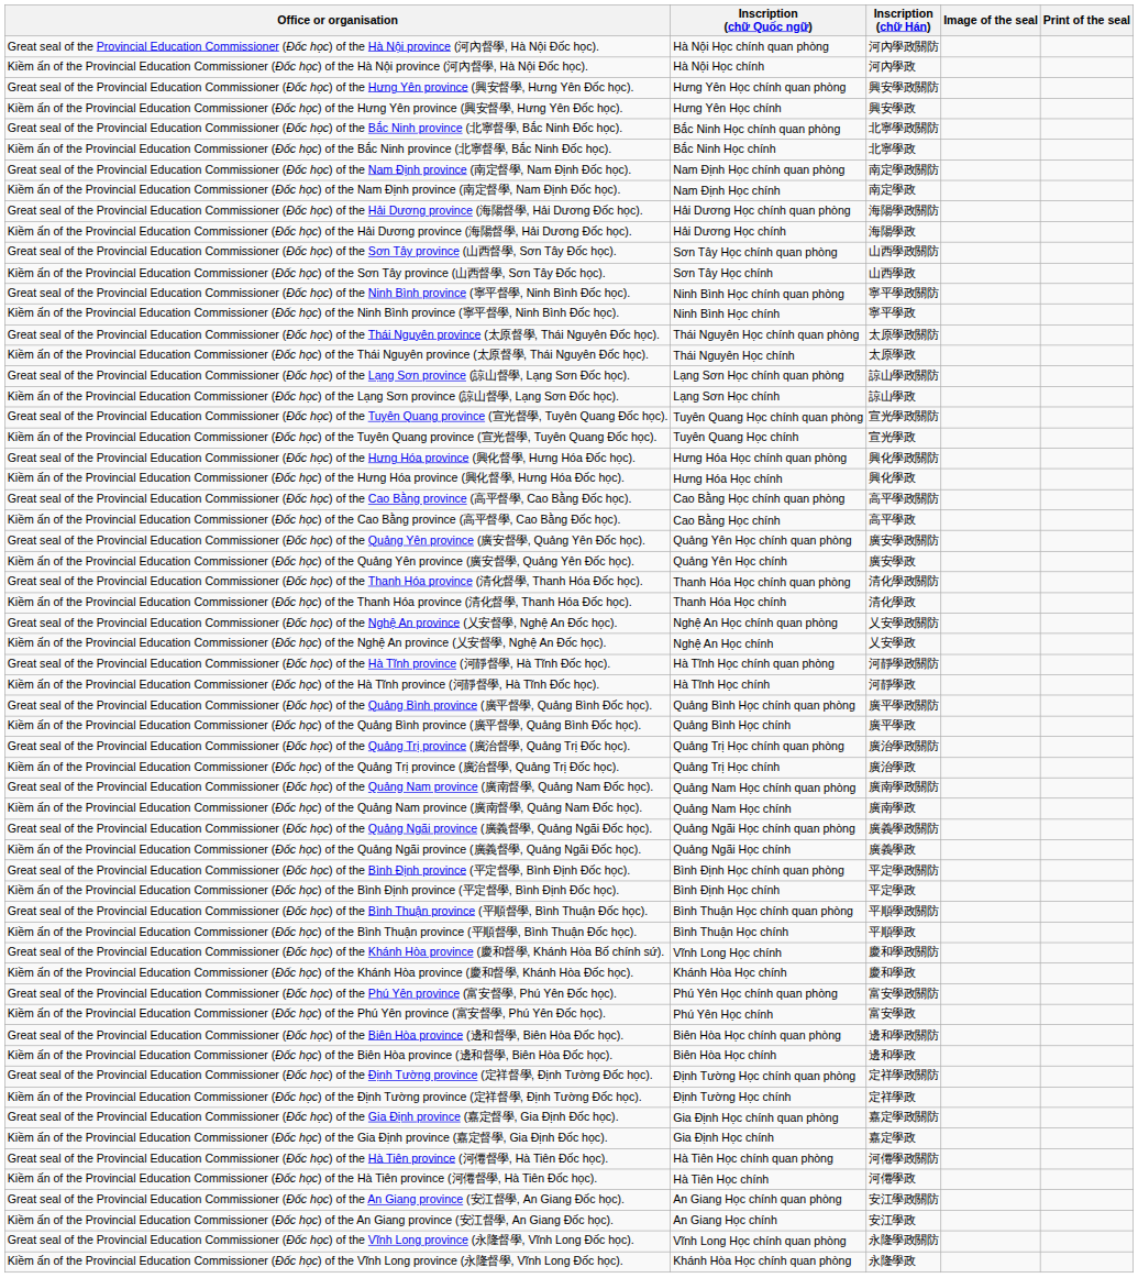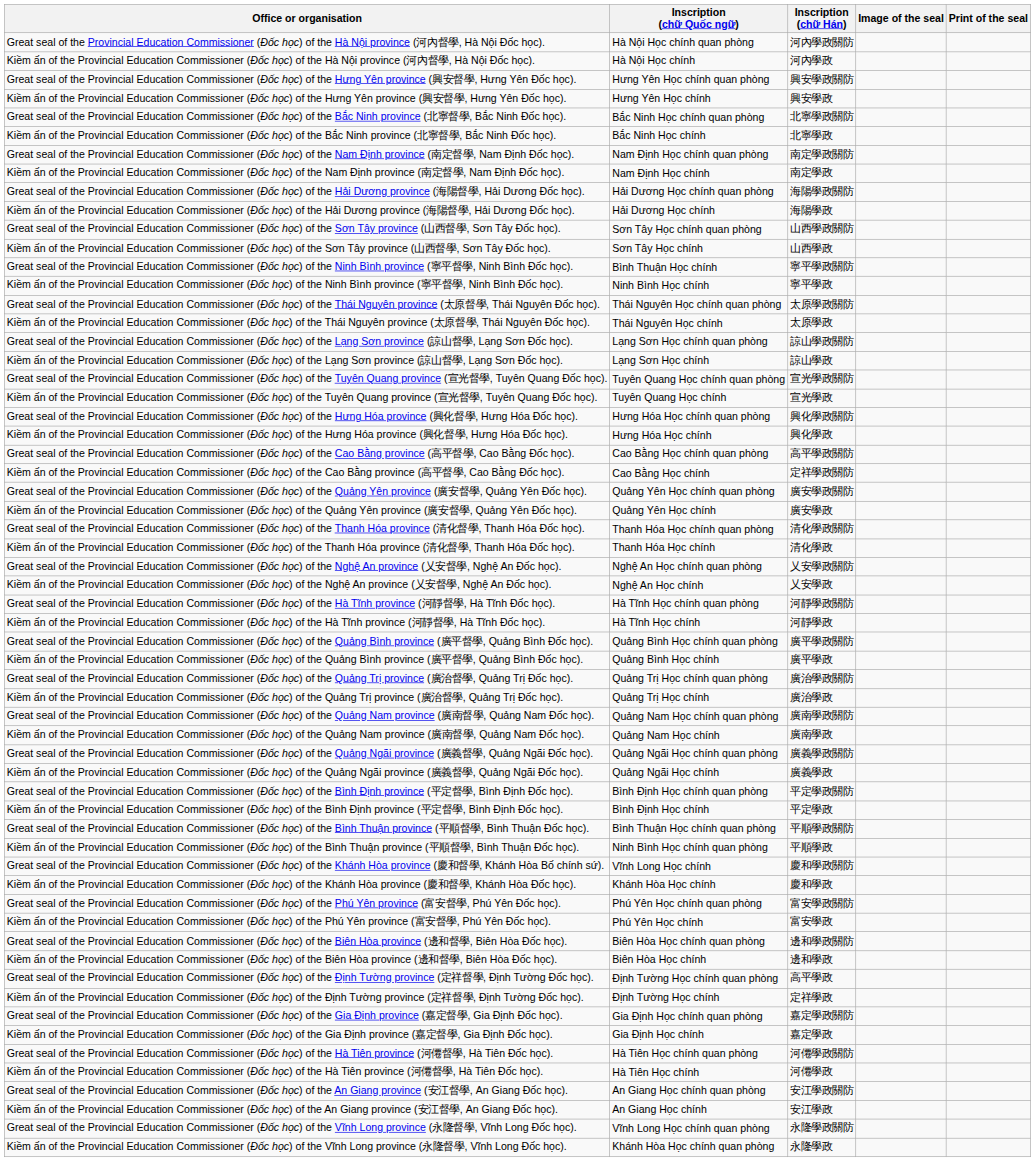 <table class="wikitable">
 <tr>
 <th>Office or organisation</th>
 <th>Inscription<br>(<a href='#'>chữ Quốc ngữ</a>)</th>
 <th>Inscription<br>(<a href='#'>chữ Hán</a>)</th>
 <th>Image of the seal</th>
 <th>Print of the seal</th>
 </tr>
 <tr>
 <td>Great seal of the <a href='#'>Provincial Education Commissioner</a> (<em>Đốc học</em>) of the <a href='#'>Hà Nội province</a> (河內督學, Hà Nội Đốc học).</td>
 <td>Hà Nội Học chính quan phòng</td>
 <td>河內學政關防</td>
 <td></td>
 <td></td>
 </tr>
 <tr>
 <td>Kiềm ấn of the Provincial Education Commissioner (<em>Đốc học</em>) of the Hà Nội province (河內督學, Hà Nội Đốc học).</td>
 <td>Hà Nội Học chính</td>
 <td>河內學政</td>
 <td></td>
 <td></td>
 </tr>
 <tr>
 <td>Great seal of the Provincial Education Commissioner (<em>Đốc học</em>) of the <a href='#'>Hưng Yên province</a> (興安督學, Hưng Yên Đốc học).</td>
 <td>Hưng Yên Học chính quan phòng</td>
 <td>興安學政關防</td>
 <td></td>
 <td></td>
 </tr>
 <tr>
 <td>Kiềm ấn of the Provincial Education Commissioner (<em>Đốc học</em>) of the Hưng Yên province (興安督學, Hưng Yên Đốc học).</td>
 <td>Hưng Yên Học chính</td>
 <td>興安學政</td>
 <td></td>
 <td></td>
 </tr>
 <tr>
 <td>Great seal of the Provincial Education Commissioner (<em>Đốc học</em>) of the <a href='#'>Bắc Ninh province</a> (北寧督學, Bắc Ninh Đốc học).</td>
 <td>Bắc Ninh Học chính quan phòng</td>
 <td>北寧學政關防</td>
 <td></td>
 <td></td>
 </tr>
 <tr>
 <td>Kiềm ấn of the Provincial Education Commissioner (<em>Đốc học</em>) of the Bắc Ninh province (北寧督學, Bắc Ninh Đốc học).</td>
 <td>Bắc Ninh Học chính</td>
 <td>北寧學政</td>
 <td></td>
 <td></td>
 </tr>
 <tr>
 <td>Great seal of the Provincial Education Commissioner (<em>Đốc học</em>) of the <a href='#'>Nam Định province</a> (南定督學, Nam Định Đốc học).</td>
 <td>Nam Định Học chính quan phòng</td>
 <td>南定學政關防</td>
 <td></td>
 <td></td>
 </tr>
 <tr>
 <td>Kiềm ấn of the Provincial Education Commissioner (<em>Đốc học</em>) of the Nam Định province (南定督學, Nam Định Đốc học).</td>
 <td>Nam Định Học chính</td>
 <td>南定學政</td>
 <td></td>
 <td></td>
 </tr>
 <tr>
 <td>Great seal of the Provincial Education Commissioner (<em>Đốc học</em>) of the <a href='#'>Hải Dương province</a> (海陽督學, Hải Dương Đốc học).</td>
 <td>Hải Dương Học chính quan phòng</td>
 <td>海陽學政關防</td>
 <td></td>
 <td></td>
 </tr>
 <tr>
 <td>Kiềm ấn of the Provincial Education Commissioner (<em>Đốc học</em>) of the Hải Dương province (海陽督學, Hải Dương Đốc học).</td>
 <td>Hải Dương Học chính</td>
 <td>海陽學政</td>
 <td></td>
 <td></td>
 </tr>
 <tr>
 <td>Great seal of the Provincial Education Commissioner (<em>Đốc học</em>) of the <a href='#'>Sơn Tây province</a> (山西督學, Sơn Tây Đốc học).</td>
 <td>Sơn Tây Học chính quan phòng</td>
 <td>山西學政關防</td>
 <td></td>
 <td></td>
 </tr>
 <tr>
 <td>Kiềm ấn of the Provincial Education Commissioner (<em>Đốc học</em>) of the Sơn Tây province (山西督學, Sơn Tây Đốc học).</td>
 <td>Sơn Tây Học chính</td>
 <td>山西學政</td>
 <td></td>
 <td></td>
 </tr>
 <tr>
 <td>Great seal of the Provincial Education Commissioner (<em>Đốc học</em>) of the <a href='#'>Ninh Bình province</a> (寧平督學, Ninh Bình Đốc học).</td>
-<td>Ninh Bình Học chính quan phòng</td>
+<td>Bình Thuận Học chính</td>
 <td>寧平學政關防</td>
 <td></td>
 <td></td>
 </tr>
 <tr>
 <td>Kiềm ấn of the Provincial Education Commissioner (<em>Đốc học</em>) of the Ninh Bình province (寧平督學, Ninh Bình Đốc học).</td>
 <td>Ninh Bình Học chính</td>
 <td>寧平學政</td>
 <td></td>
 <td></td>
 </tr>
 <tr>
 <td>Great seal of the Provincial Education Commissioner (<em>Đốc học</em>) of the <a href='#'>Thái Nguyên province</a> (太原督學, Thái Nguyên Đốc học).</td>
 <td>Thái Nguyên Học chính quan phòng</td>
 <td>太原學政關防</td>
 <td></td>
 <td></td>
 </tr>
 <tr>
 <td>Kiềm ấn of the Provincial Education Commissioner (<em>Đốc học</em>) of the Thái Nguyên province (太原督學, Thái Nguyên Đốc học).</td>
 <td>Thái Nguyên Học chính</td>
 <td>太原學政</td>
 <td></td>
 <td></td>
 </tr>
 <tr>
 <td>Great seal of the Provincial Education Commissioner (<em>Đốc học</em>) of the <a href='#'>Lạng Sơn province</a> (諒山督學, Lạng Sơn Đốc học).</td>
 <td>Lạng Sơn Học chính quan phòng</td>
 <td>諒山學政關防</td>
 <td></td>
 <td></td>
 </tr>
 <tr>
 <td>Kiềm ấn of the Provincial Education Commissioner (<em>Đốc học</em>) of the Lạng Sơn province (諒山督學, Lạng Sơn Đốc học).</td>
 <td>Lạng Sơn Học chính</td>
 <td>諒山學政</td>
 <td></td>
 <td></td>
 </tr>
 <tr>
 <td>Great seal of the Provincial Education Commissioner (<em>Đốc học</em>) of the <a href='#'>Tuyên Quang province</a> (宣光督學, Tuyên Quang Đốc học).</td>
 <td>Tuyên Quang Học chính quan phòng</td>
 <td>宣光學政關防</td>
 <td></td>
 <td></td>
 </tr>
 <tr>
 <td>Kiềm ấn of the Provincial Education Commissioner (<em>Đốc học</em>) of the Tuyên Quang province (宣光督學, Tuyên Quang Đốc học).</td>
 <td>Tuyên Quang Học chính</td>
 <td>宣光學政</td>
 <td></td>
 <td></td>
 </tr>
 <tr>
 <td>Great seal of the Provincial Education Commissioner (<em>Đốc học</em>) of the <a href='#'>Hưng Hóa province</a> (興化督學, Hưng Hóa Đốc học).</td>
 <td>Hưng Hóa Học chính quan phòng</td>
 <td>興化學政關防</td>
 <td></td>
 <td></td>
 </tr>
 <tr>
 <td>Kiềm ấn of the Provincial Education Commissioner (<em>Đốc học</em>) of the Hưng Hóa province (興化督學, Hưng Hóa Đốc học).</td>
 <td>Hưng Hóa Học chính</td>
 <td>興化學政</td>
 <td></td>
 <td></td>
 </tr>
 <tr>
 <td>Great seal of the Provincial Education Commissioner (<em>Đốc học</em>) of the <a href='#'>Cao Bằng province</a> (高平督學, Cao Bằng Đốc học).</td>
 <td>Cao Bằng Học chính quan phòng</td>
 <td>高平學政關防</td>
 <td></td>
 <td></td>
 </tr>
 <tr>
 <td>Kiềm ấn of the Provincial Education Commissioner (<em>Đốc học</em>) of the Cao Bằng province (高平督學, Cao Bằng Đốc học).</td>
 <td>Cao Bằng Học chính</td>
-<td>高平學政</td>
+<td>定祥學政關防</td>
 <td></td>
 <td></td>
 </tr>
 <tr>
 <td>Great seal of the Provincial Education Commissioner (<em>Đốc học</em>) of the <a href='#'>Quảng Yên province</a> (廣安督學, Quảng Yên Đốc học).</td>
 <td>Quảng Yên Học chính quan phòng</td>
 <td>廣安學政關防</td>
 <td></td>
 <td></td>
 </tr>
 <tr>
 <td>Kiềm ấn of the Provincial Education Commissioner (<em>Đốc học</em>) of the Quảng Yên province (廣安督學, Quảng Yên Đốc học).</td>
 <td>Quảng Yên Học chính</td>
 <td>廣安學政</td>
 <td></td>
 <td></td>
 </tr>
 <tr>
 <td>Great seal of the Provincial Education Commissioner (<em>Đốc học</em>) of the <a href='#'>Thanh Hóa province</a> (清化督學, Thanh Hóa Đốc học).</td>
 <td>Thanh Hóa Học chính quan phòng</td>
 <td>清化學政關防</td>
 <td></td>
 <td></td>
 </tr>
 <tr>
 <td>Kiềm ấn of the Provincial Education Commissioner (<em>Đốc học</em>) of the Thanh Hóa province (清化督學, Thanh Hóa Đốc học).</td>
 <td>Thanh Hóa Học chính</td>
 <td>清化學政</td>
 <td></td>
 <td></td>
 </tr>
 <tr>
 <td>Great seal of the Provincial Education Commissioner (<em>Đốc học</em>) of the <a href='#'>Nghệ An province</a> (乂安督學, Nghệ An Đốc học).</td>
 <td>Nghệ An Học chính quan phòng</td>
 <td>乂安學政關防</td>
 <td></td>
 <td></td>
 </tr>
 <tr>
 <td>Kiềm ấn of the Provincial Education Commissioner (<em>Đốc học</em>) of the Nghệ An province (乂安督學, Nghệ An Đốc học).</td>
 <td>Nghệ An Học chính</td>
 <td>乂安學政</td>
 <td></td>
 <td></td>
 </tr>
 <tr>
 <td>Great seal of the Provincial Education Commissioner (<em>Đốc học</em>) of the <a href='#'>Hà Tĩnh province</a> (河靜督學, Hà Tĩnh Đốc học).</td>
 <td>Hà Tĩnh Học chính quan phòng</td>
 <td>河靜學政關防</td>
 <td></td>
 <td></td>
 </tr>
 <tr>
 <td>Kiềm ấn of the Provincial Education Commissioner (<em>Đốc học</em>) of the Hà Tĩnh province (河靜督學, Hà Tĩnh Đốc học).</td>
 <td>Hà Tĩnh Học chính</td>
 <td>河靜學政</td>
 <td></td>
 <td></td>
 </tr>
 <tr>
 <td>Great seal of the Provincial Education Commissioner (<em>Đốc học</em>) of the <a href='#'>Quảng Bình province</a> (廣平督學, Quảng Bình Đốc học).</td>
 <td>Quảng Bình Học chính quan phòng</td>
 <td>廣平學政關防</td>
 <td></td>
 <td></td>
 </tr>
 <tr>
 <td>Kiềm ấn of the Provincial Education Commissioner (<em>Đốc học</em>) of the Quảng Bình province (廣平督學, Quảng Bình Đốc học).</td>
 <td>Quảng Bình Học chính</td>
 <td>廣平學政</td>
 <td></td>
 <td></td>
 </tr>
 <tr>
 <td>Great seal of the Provincial Education Commissioner (<em>Đốc học</em>) of the <a href='#'>Quảng Trị province</a> (廣治督學, Quảng Trị Đốc học).</td>
 <td>Quảng Trị Học chính quan phòng</td>
 <td>廣治學政關防</td>
 <td></td>
 <td></td>
 </tr>
 <tr>
 <td>Kiềm ấn of the Provincial Education Commissioner (<em>Đốc học</em>) of the Quảng Trị province (廣治督學, Quảng Trị Đốc học).</td>
 <td>Quảng Trị Học chính</td>
 <td>廣治學政</td>
 <td></td>
 <td></td>
 </tr>
 <tr>
 <td>Great seal of the Provincial Education Commissioner (<em>Đốc học</em>) of the <a href='#'>Quảng Nam province</a> (廣南督學, Quảng Nam Đốc học).</td>
 <td>Quảng Nam Học chính quan phòng</td>
 <td>廣南學政關防</td>
 <td></td>
 <td></td>
 </tr>
 <tr>
 <td>Kiềm ấn of the Provincial Education Commissioner (<em>Đốc học</em>) of the Quảng Nam province (廣南督學, Quảng Nam Đốc học).</td>
 <td>Quảng Nam Học chính</td>
 <td>廣南學政</td>
 <td></td>
 <td></td>
 </tr>
 <tr>
 <td>Great seal of the Provincial Education Commissioner (<em>Đốc học</em>) of the <a href='#'>Quảng Ngãi province</a> (廣義督學, Quảng Ngãi Đốc học).</td>
 <td>Quảng Ngãi Học chính quan phòng</td>
 <td>廣義學政關防</td>
 <td></td>
 <td></td>
 </tr>
 <tr>
 <td>Kiềm ấn of the Provincial Education Commissioner (<em>Đốc học</em>) of the Quảng Ngãi province (廣義督學, Quảng Ngãi Đốc học).</td>
 <td>Quảng Ngãi Học chính</td>
 <td>廣義學政</td>
 <td></td>
 <td></td>
 </tr>
 <tr>
 <td>Great seal of the Provincial Education Commissioner (<em>Đốc học</em>) of the <a href='#'>Bình Định province</a> (平定督學, Bình Định Đốc học).</td>
 <td>Bình Định Học chính quan phòng</td>
 <td>平定學政關防</td>
 <td></td>
 <td></td>
 </tr>
 <tr>
 <td>Kiềm ấn of the Provincial Education Commissioner (<em>Đốc học</em>) of the Bình Định province (平定督學, Bình Định Đốc học).</td>
 <td>Bình Định Học chính</td>
 <td>平定學政</td>
 <td></td>
 <td></td>
 </tr>
 <tr>
 <td>Great seal of the Provincial Education Commissioner (<em>Đốc học</em>) of the <a href='#'>Bình Thuận province</a> (平順督學, Bình Thuận Đốc học).</td>
 <td>Bình Thuận Học chính quan phòng</td>
 <td>平順學政關防</td>
 <td></td>
 <td></td>
 </tr>
 <tr>
 <td>Kiềm ấn of the Provincial Education Commissioner (<em>Đốc học</em>) of the Bình Thuận province (平順督學, Bình Thuận Đốc học).</td>
-<td>Bình Thuận Học chính</td>
+<td>Ninh Bình Học chính quan phòng</td>
 <td>平順學政</td>
 <td></td>
 <td></td>
 </tr>
 <tr>
 <td>Great seal of the Provincial Education Commissioner (<em>Đốc học</em>) of the <a href='#'>Khánh Hòa province</a> (慶和督學, Khánh Hòa Bố chính sứ).</td>
 <td>Vĩnh Long Học chính</td>
 <td>慶和學政關防</td>
 <td></td>
 <td></td>
 </tr>
 <tr>
 <td>Kiềm ấn of the Provincial Education Commissioner (<em>Đốc học</em>) of the Khánh Hòa province (慶和督學, Khánh Hòa Đốc học).</td>
 <td>Khánh Hòa Học chính</td>
 <td>慶和學政</td>
 <td></td>
 <td></td>
 </tr>
 <tr>
 <td>Great seal of the Provincial Education Commissioner (<em>Đốc học</em>) of the <a href='#'>Phú Yên province</a> (富安督學, Phú Yên Đốc học).</td>
 <td>Phú Yên Học chính quan phòng</td>
 <td>富安學政關防</td>
 <td></td>
 <td></td>
 </tr>
 <tr>
 <td>Kiềm ấn of the Provincial Education Commissioner (<em>Đốc học</em>) of the Phú Yên province (富安督學, Phú Yên Đốc học).</td>
 <td>Phú Yên Học chính</td>
 <td>富安學政</td>
 <td></td>
 <td></td>
 </tr>
 <tr>
 <td>Great seal of the Provincial Education Commissioner (<em>Đốc học</em>) of the <a href='#'>Biên Hòa province</a> (邊和督學, Biên Hòa Đốc học).</td>
 <td>Biên Hòa Học chính quan phòng</td>
 <td>邊和學政關防</td>
 <td></td>
 <td></td>
 </tr>
 <tr>
 <td>Kiềm ấn of the Provincial Education Commissioner (<em>Đốc học</em>) of the Biên Hòa province (邊和督學, Biên Hòa Đốc học).</td>
 <td>Biên Hòa Học chính</td>
 <td>邊和學政</td>
 <td></td>
 <td></td>
 </tr>
 <tr>
 <td>Great seal of the Provincial Education Commissioner (<em>Đốc học</em>) of the <a href='#'>Định Tường province</a> (定祥督學, Định Tường Đốc học).</td>
 <td>Định Tường Học chính quan phòng</td>
-<td>定祥學政關防</td>
+<td>高平學政</td>
 <td></td>
 <td></td>
 </tr>
 <tr>
 <td>Kiềm ấn of the Provincial Education Commissioner (<em>Đốc học</em>) of the Định Tường province (定祥督學, Định Tường Đốc học).</td>
 <td>Định Tường Học chính</td>
 <td>定祥學政</td>
 <td></td>
 <td></td>
 </tr>
 <tr>
 <td>Great seal of the Provincial Education Commissioner (<em>Đốc học</em>) of the <a href='#'>Gia Định province</a> (嘉定督學, Gia Định Đốc học).</td>
 <td>Gia Định Học chính quan phòng</td>
 <td>嘉定學政關防</td>
 <td></td>
 <td></td>
 </tr>
 <tr>
 <td>Kiềm ấn of the Provincial Education Commissioner (<em>Đốc học</em>) of the Gia Định province (嘉定督學, Gia Định Đốc học).</td>
 <td>Gia Định Học chính</td>
 <td>嘉定學政</td>
 <td></td>
 <td></td>
 </tr>
 <tr>
 <td>Great seal of the Provincial Education Commissioner (<em>Đốc học</em>) of the <a href='#'>Hà Tiên province</a> (河僊督學, Hà Tiên Đốc học).</td>
 <td>Hà Tiên Học chính quan phòng</td>
 <td>河僊學政關防</td>
 <td></td>
 <td></td>
 </tr>
 <tr>
 <td>Kiềm ấn of the Provincial Education Commissioner (<em>Đốc học</em>) of the Hà Tiên province (河僊督學, Hà Tiên Đốc học).</td>
 <td>Hà Tiên Học chính</td>
 <td>河僊學政</td>
 <td></td>
 <td></td>
 </tr>
 <tr>
 <td>Great seal of the Provincial Education Commissioner (<em>Đốc học</em>) of the <a href='#'>An Giang province</a> (安江督學, An Giang Đốc học).</td>
 <td>An Giang Học chính quan phòng</td>
 <td>安江學政關防</td>
 <td></td>
 <td></td>
 </tr>
 <tr>
 <td>Kiềm ấn of the Provincial Education Commissioner (<em>Đốc học</em>) of the An Giang province (安江督學, An Giang Đốc học).</td>
 <td>An Giang Học chính</td>
 <td>安江學政</td>
 <td></td>
 <td></td>
 </tr>
 <tr>
 <td>Great seal of the Provincial Education Commissioner (<em>Đốc học</em>) of the <a href='#'>Vĩnh Long province</a> (永隆督學, Vĩnh Long Đốc học).</td>
 <td>Vĩnh Long Học chính quan phòng</td>
 <td>永隆學政關防</td>
 <td></td>
 <td></td>
 </tr>
 <tr>
 <td>Kiềm ấn of the Provincial Education Commissioner (<em>Đốc học</em>) of the Vĩnh Long province (永隆督學, Vĩnh Long Đốc học).</td>
 <td>Khánh Hòa Học chính quan phòng</td>
 <td>永隆學政</td>
 <td></td>
 <td></td>
 </tr>
 </table>
